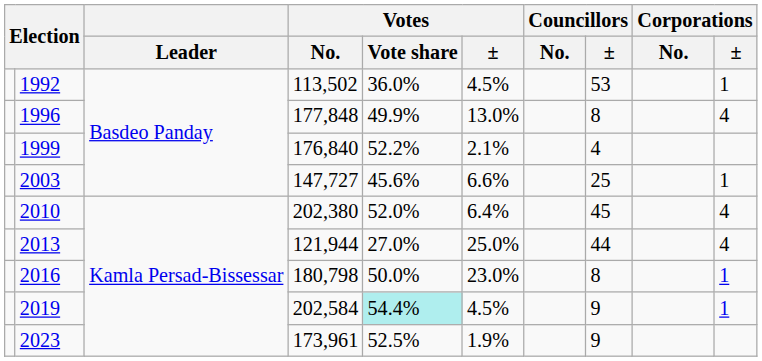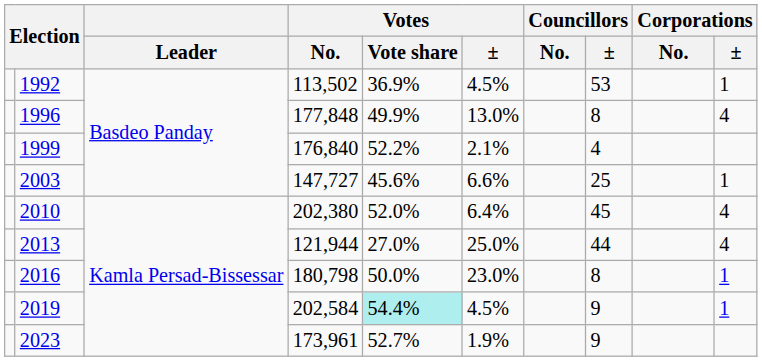 <table class="wikitable sortable" style="text-align: left">
 <tr>
 <th colspan="2" rowspan="2">Election</th>
 <th></th>
 <th colspan="3">Votes</th>
 <th colspan="2">Councillors</th>
 <th colspan="2">Corporations</th>
 </tr>
 <tr>
 <th>Leader</th>
 <th>No.</th>
 <th>Vote share</th>
 <th>±</th>
 <th>No.</th>
 <th>±</th>
 <th>No.</th>
 <th>±</th>
 </tr>
 <tr>
 <td width="1"></td>
 <td><a href='#'>1992</a></td>
 <td rowspan="4"><a href='#'>Basdeo Panday</a></td>
 <td>113,502</td>
-<td>36.0%</td>
+<td>36.9%</td>
 <td> 4.5%</td>
 <td></td>
 <td> 53</td>
 <td></td>
 <td>1</td>
 </tr>
 <tr>
 <td width="1"></td>
 <td><a href='#'>1996</a></td>
 <td>177,848</td>
 <td>49.9%</td>
 <td> 13.0%</td>
 <td></td>
 <td> 8</td>
 <td></td>
 <td> 4</td>
 </tr>
 <tr>
 <td width="1"></td>
 <td><a href='#'>1999</a></td>
 <td>176,840</td>
 <td>52.2%</td>
 <td> 2.1%</td>
 <td></td>
 <td> 4</td>
 <td></td>
 <td></td>
 </tr>
 <tr>
 <td width="1"></td>
 <td><a href='#'>2003</a></td>
 <td>147,727</td>
 <td>45.6%</td>
 <td> 6.6%</td>
 <td></td>
 <td> 25</td>
 <td></td>
 <td> 1</td>
 </tr>
 <tr>
 <td width="1"></td>
 <td><a href='#'>2010</a></td>
 <td rowspan="5"><a href='#'>Kamla Persad-Bissessar</a></td>
 <td>202,380</td>
 <td>52.0%</td>
 <td> 6.4%</td>
 <td></td>
 <td> 45</td>
 <td></td>
 <td> 4</td>
 </tr>
 <tr>
 <td width="1"></td>
 <td><a href='#'>2013</a></td>
 <td>121,944</td>
 <td>27.0%</td>
 <td> 25.0%</td>
 <td></td>
 <td> 44</td>
 <td></td>
 <td> 4</td>
 </tr>
 <tr>
 <td width="1"></td>
 <td><a href='#'>2016</a></td>
 <td>180,798</td>
 <td>50.0%</td>
 <td> 23.0%</td>
 <td></td>
 <td> 8</td>
 <td></td>
 <td><a href='#'>1</a></td>
 </tr>
 <tr>
 <td width="1"></td>
 <td><a href='#'>2019</a></td>
 <td>202,584</td>
 <td style="background: paleturquoise;">54.4%</td>
 <td> 4.5%</td>
 <td></td>
 <td> 9</td>
 <td></td>
 <td><a href='#'>1</a></td>
 </tr>
 <tr>
 <td width="1"></td>
 <td><a href='#'>2023</a></td>
 <td>173,961</td>
-<td>52.5%</td>
+<td>52.7%</td>
 <td> 1.9%</td>
 <td></td>
 <td> 9</td>
 <td></td>
 <td></td>
 </tr>
 </table>
